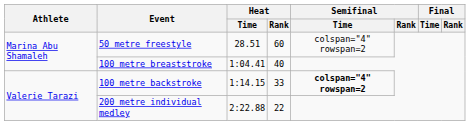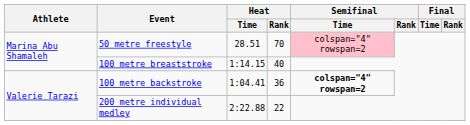 <table class="wikitable" style="text-align:center; font-size:90%; width:50%;">
 <tr>
 <th rowspan="2">Athlete</th>
 <th rowspan="2">Event</th>
 <th colspan="2">Heat</th>
 <th colspan="2">Semifinal</th>
 <th colspan="2">Final</th>
 </tr>
 <tr style="font-size:95%">
 <th>Time</th>
 <th>Rank</th>
 <th>Time</th>
 <th>Rank</th>
 <th>Time</th>
 <th>Rank</th>
 </tr>
 <tr>
 <td align=left rowspan=2><a href='#'>Marina Abu Shamaleh</a></td>
 <td align=left><a href='#'>50 metre freestyle</a></td>
 <td>28.51</td>
-<td>60</td>
-<td>colspan="4" rowspan=2</td>
+<td>70</td>
+<td style="background: pink;">colspan="4" rowspan=2</td>
 </tr>
 <tr>
 <td align=left><a href='#'>100 metre breaststroke</a></td>
-<td>1:04.41</td>
+<td>1:14.15</td>
 <td>40</td>
 </tr>
 <tr>
 <td align=left rowspan=2><a href='#'>Valerie Tarazi</a></td>
 <td align=left><a href='#'>100 metre backstroke</a></td>
-<td>1:14.15</td>
-<td>33</td>
+<td>1:04.41</td>
+<td>36</td>
 <td><strong>colspan="4" rowspan=2 </strong></td>
 </tr>
 <tr>
 <td align=left><a href='#'>200 metre individual medley</a></td>
 <td>2:22.88</td>
 <td>22</td>
 </tr>
 </table>
